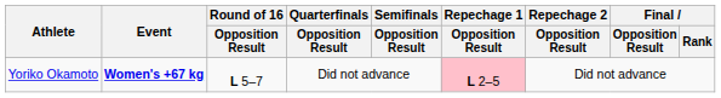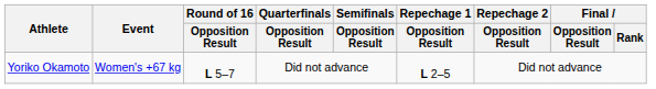 <table class="wikitable" style="font-size:90%;">
 <tr>
 <th rowspan=2>Athlete</th>
 <th rowspan=2>Event</th>
 <th>Round of 16</th>
 <th>Quarterfinals</th>
 <th>Semifinals</th>
 <th>Repechage 1</th>
 <th>Repechage 2</th>
 <th colspan=2>Final / </th>
 </tr>
 <tr style="font-size:95%">
 <th>Opposition<br>Result</th>
 <th>Opposition<br>Result</th>
 <th>Opposition<br>Result</th>
 <th>Opposition<br>Result</th>
 <th>Opposition<br>Result</th>
 <th>Opposition<br>Result</th>
 <th>Rank</th>
 </tr>
 <tr align=center>
 <td align=left><a href='#'>Yoriko Okamoto</a></td>
-<td align=left><strong><a href='#'>Women's +67 kg</a></strong></td>
+<td align=left><a href='#'>Women's +67 kg</a></td>
 <td><br><strong>L</strong> 5–7</td>
 <td colspan=2>Did not advance</td>
-<td style="background: pink;"><br><strong>L</strong> 2–5</td>
+<td><br><strong>L</strong> 2–5</td>
 <td colspan=3>Did not advance</td>
 </tr>
 </table>
